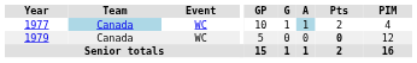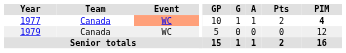 <table border="0" cellpadding="1" cellspacing="0" ID="Table3" style="text-align:center; width:40em">
 <tr bgcolor="#e0e0e0">
 <th>Year</th>
 <th>Team</th>
 <th>Event</th>
 <th rowspan="102" bgcolor="#ffffff"></th>
 <th>GP</th>
 <th>G</th>
 <th>A</th>
 <th>Pts</th>
 <th>PIM</th>
 </tr>
 <tr>
 <td><a href='#'>1977</a></td>
-<td style="background: lightblue;"><a href='#'>Canada</a></td>
-<td><a href='#'>WC</a></td>
+<td><a href='#'>Canada</a></td>
+<td style="background: lightsalmon;"><a href='#'>WC</a></td>
 <td>10</td>
 <td>1</td>
-<td style="background: lightblue;">1</td>
+<td>1</td>
 <td>2</td>
-<td>4</td>
+<td><strong>4</strong></td>
 </tr>
 <tr bgcolor="#f0f0f0">
 <td><a href='#'>1979</a></td>
 <td>Canada</td>
 <td>WC</td>
 <td>5</td>
 <td>0</td>
 <td>0</td>
-<td><strong>0</strong></td>
+<td>0</td>
 <td>12</td>
 </tr>
 <tr bgcolor="#e0e0e0">
 <th colspan="4">Senior totals</th>
 <th>15</th>
 <th>1</th>
 <th>1</th>
 <th>2</th>
 <th>16</th>
 </tr>
 </table>
